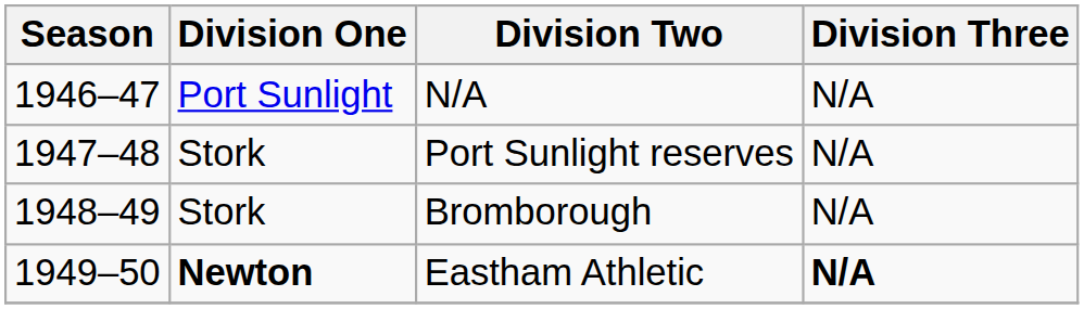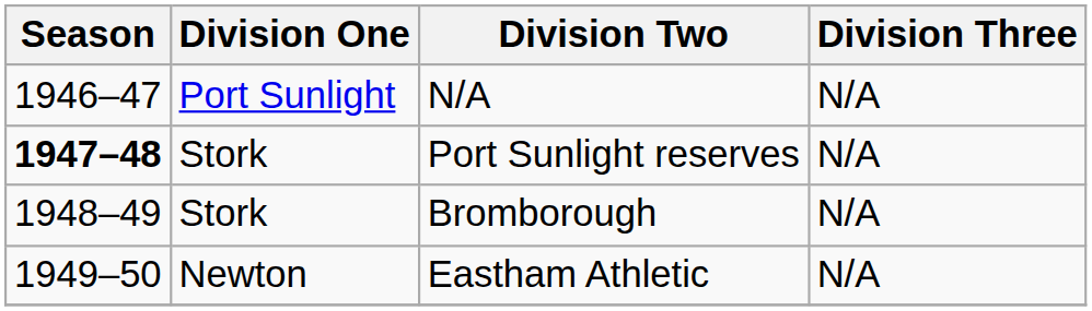 <table class="wikitable">
 <tr>
 <th>Season</th>
 <th>Division One</th>
 <th>Division Two</th>
 <th>Division Three</th>
 </tr>
 <tr>
 <td>1946–47</td>
 <td><a href='#'>Port Sunlight</a></td>
 <td>N/A</td>
 <td>N/A</td>
 </tr>
 <tr>
-<td>1947–48</td>
+<td><strong>1947–48</strong></td>
 <td>Stork</td>
 <td>Port Sunlight reserves</td>
 <td>N/A</td>
 </tr>
 <tr>
 <td>1948–49</td>
 <td>Stork</td>
 <td>Bromborough</td>
 <td>N/A</td>
 </tr>
 <tr>
 <td>1949–50</td>
-<td><strong>Newton</strong></td>
+<td>Newton</td>
 <td>Eastham Athletic</td>
-<td><strong>N/A</strong></td>
+<td>N/A</td>
 </tr>
 <tr>
 </tr>
 </table>
